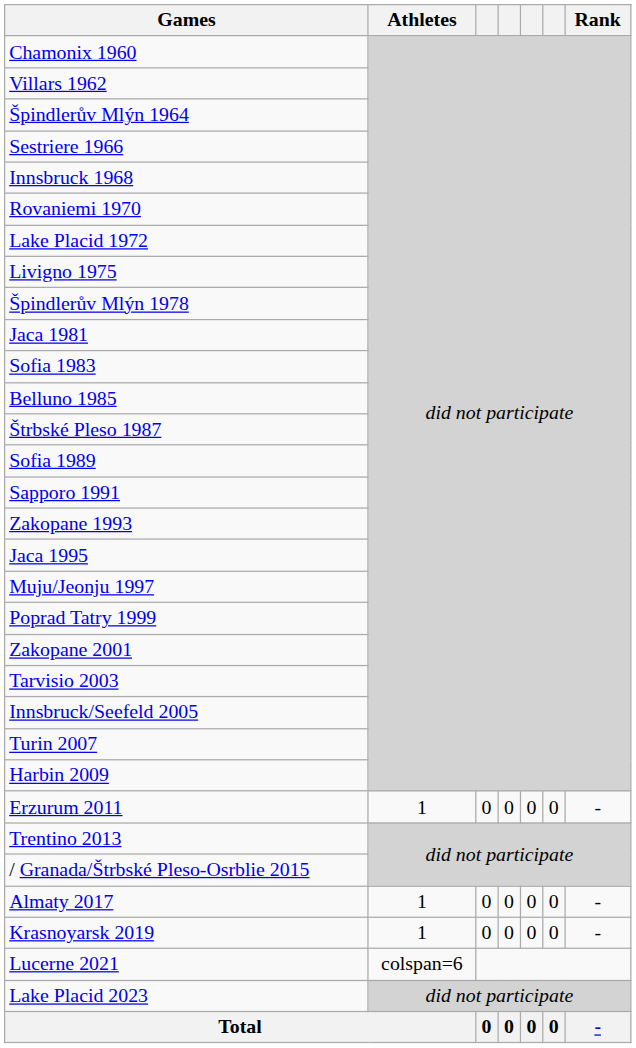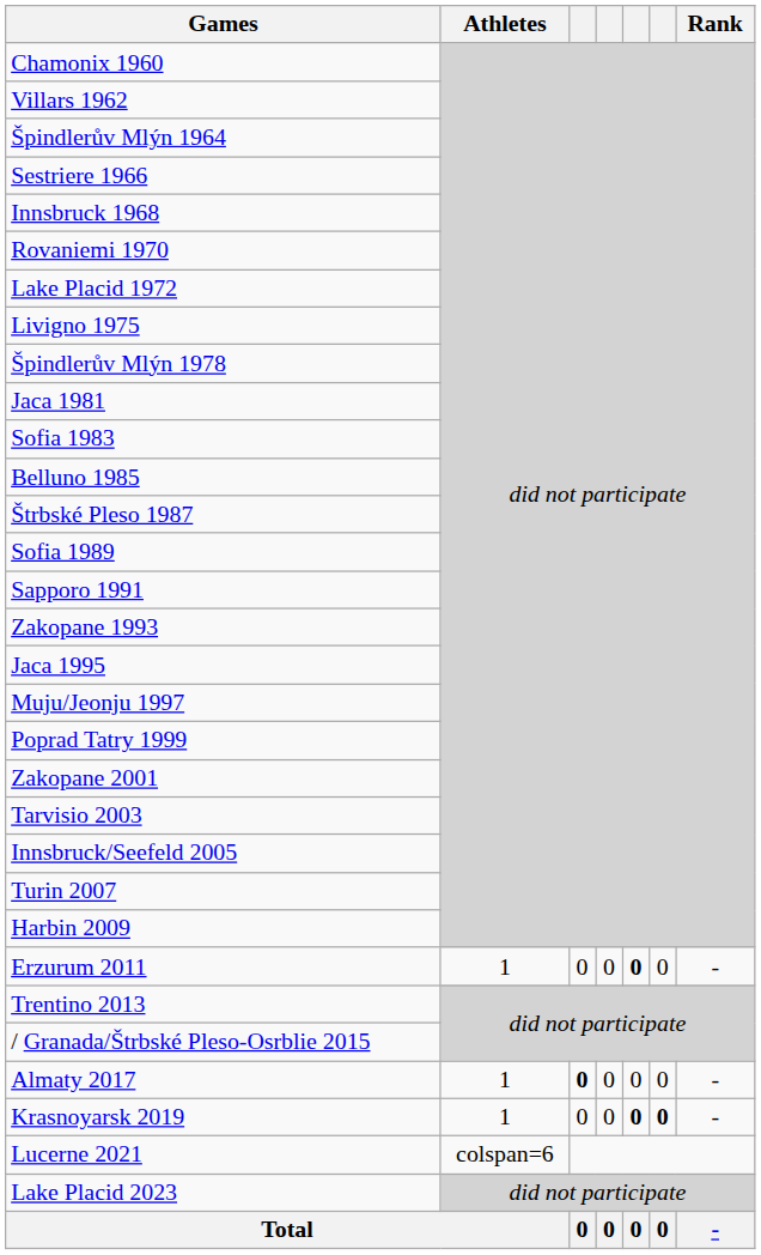 <table class="wikitable" width=40% style="font-size:100%; text-align:center;">
 <tr>
 <th>Games</th>
 <th>Athletes</th>
 <th></th>
 <th></th>
 <th></th>
 <th></th>
 <th>Rank</th>
 </tr>
 <tr>
 <td align=left> <a href='#'>Chamonix 1960</a></td>
 <td rowspan=24 colspan=6 bgcolor=lightgrey><em>did not participate</em></td>
 </tr>
 <tr>
 <td align=left> <a href='#'>Villars 1962</a></td>
 </tr>
 <tr>
 <td align=left> <a href='#'>Špindlerův Mlýn 1964</a></td>
 </tr>
 <tr>
 <td align=left> <a href='#'>Sestriere 1966</a></td>
 </tr>
 <tr>
 <td align=left> <a href='#'>Innsbruck 1968</a></td>
 </tr>
 <tr>
 <td align=left> <a href='#'>Rovaniemi 1970</a></td>
 </tr>
 <tr>
 <td align=left> <a href='#'>Lake Placid 1972</a></td>
 </tr>
 <tr>
 <td align=left> <a href='#'>Livigno 1975</a></td>
 </tr>
 <tr>
 <td align=left> <a href='#'>Špindlerův Mlýn 1978</a></td>
 </tr>
 <tr>
 <td align=left> <a href='#'>Jaca 1981</a></td>
 </tr>
 <tr>
 <td align=left> <a href='#'>Sofia 1983</a></td>
 </tr>
 <tr>
 <td align=left> <a href='#'>Belluno 1985</a></td>
 </tr>
 <tr>
 <td align=left> <a href='#'>Štrbské Pleso 1987</a></td>
 </tr>
 <tr>
 <td align=left> <a href='#'>Sofia 1989</a></td>
 </tr>
 <tr>
 <td align=left> <a href='#'>Sapporo 1991</a></td>
 </tr>
 <tr>
 <td align=left> <a href='#'>Zakopane 1993</a></td>
 </tr>
 <tr>
 <td align=left> <a href='#'>Jaca 1995</a></td>
 </tr>
 <tr>
 <td align=left> <a href='#'>Muju/Jeonju 1997</a></td>
 </tr>
 <tr>
 <td align=left> <a href='#'>Poprad Tatry 1999</a></td>
 </tr>
 <tr>
 <td align=left> <a href='#'>Zakopane 2001</a></td>
 </tr>
 <tr>
 <td align=left> <a href='#'>Tarvisio 2003</a></td>
 </tr>
 <tr>
 <td align=left> <a href='#'>Innsbruck/Seefeld 2005</a></td>
 </tr>
 <tr>
 <td align=left> <a href='#'>Turin 2007</a></td>
 </tr>
 <tr>
 <td align=left> <a href='#'>Harbin 2009</a></td>
 </tr>
 <tr>
 <td align=left> <a href='#'>Erzurum 2011</a></td>
 <td>1</td>
 <td>0</td>
 <td>0</td>
-<td>0</td>
+<td><strong>0</strong></td>
 <td>0</td>
 <td>-</td>
 </tr>
 <tr>
 <td align=left> <a href='#'>Trentino 2013</a></td>
 <td rowspan=2 colspan=6 bgcolor=lightgrey><em>did not participate</em></td>
 </tr>
 <tr>
 <td align=left>/ <a href='#'>Granada/Štrbské Pleso-Osrblie 2015</a></td>
 </tr>
 <tr>
 <td align=left> <a href='#'>Almaty 2017</a></td>
 <td>1</td>
-<td>0</td>
+<td><strong>0</strong></td>
 <td>0</td>
 <td>0</td>
 <td>0</td>
 <td>-</td>
 </tr>
 <tr>
 <td align=left> <a href='#'>Krasnoyarsk 2019</a></td>
 <td>1</td>
 <td>0</td>
 <td>0</td>
-<td>0</td>
-<td>0</td>
+<td><strong>0</strong></td>
+<td><strong>0</strong></td>
 <td>-</td>
 </tr>
 <tr>
 <td align=left> <a href='#'>Lucerne 2021</a></td>
 <td>colspan=6 </td>
 </tr>
 <tr>
 <td align=left> <a href='#'>Lake Placid 2023</a></td>
 <td colspan=6 bgcolor=lightgrey><em>did not participate</em></td>
 </tr>
 <tr>
 <th colspan=2>Total</th>
 <th>0</th>
 <th>0</th>
 <th>0</th>
 <th>0</th>
 <th><a href='#'>-</a></th>
 </tr>
 </table>
